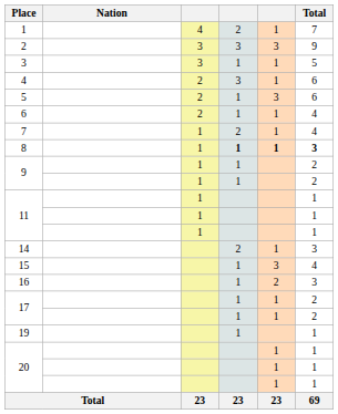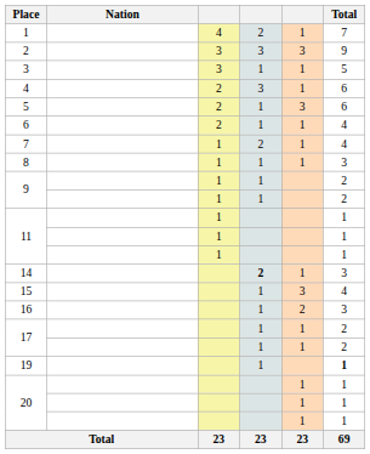 <table class="wikitable" style="border:1px solid #AAAAAA">
 <tr bgcolor="#EFEFEF">
 <th width=50>Place</th>
 <th width=200>Nation</th>
 <th width=50></th>
 <th width=50></th>
 <th width=50></th>
 <th width=50>Total</th>
 </tr>
 <tr align=center bgcolor="#FFFFFF">
 <td>1</td>
 <td align="left"></td>
 <td style="background:#F7F6A8;">4</td>
 <td style="background:#DCE5E5;">2</td>
 <td style="background:#FFDAB9;">1</td>
 <td>7</td>
 </tr>
 <tr align=center bgcolor="#FFFFFF">
 <td>2</td>
 <td align="left"></td>
 <td style="background:#F7F6A8;">3</td>
 <td style="background:#DCE5E5;">3</td>
 <td style="background:#FFDAB9;">3</td>
 <td>9</td>
 </tr>
 <tr align=center bgcolor="#FFFFFF">
 <td>3</td>
 <td align="left"></td>
 <td style="background:#F7F6A8;">3</td>
 <td style="background:#DCE5E5;">1</td>
 <td style="background:#FFDAB9;">1</td>
 <td>5</td>
 </tr>
 <tr align=center bgcolor="#FFFFFF">
 <td>4</td>
 <td align="left"></td>
 <td style="background:#F7F6A8;">2</td>
 <td style="background:#DCE5E5;">3</td>
 <td style="background:#FFDAB9;">1</td>
 <td>6</td>
 </tr>
 <tr align=center bgcolor="#FFFFFF">
 <td>5</td>
 <td align="left"></td>
 <td style="background:#F7F6A8;">2</td>
 <td style="background:#DCE5E5;">1</td>
 <td style="background:#FFDAB9;">3</td>
 <td>6</td>
 </tr>
 <tr align=center bgcolor="#FFFFFF">
 <td>6</td>
 <td align="left"></td>
 <td style="background:#F7F6A8;">2</td>
 <td style="background:#DCE5E5;">1</td>
 <td style="background:#FFDAB9;">1</td>
 <td>4</td>
 </tr>
 <tr align=center bgcolor="#FFFFFF">
 <td>7</td>
 <td align="left"></td>
 <td style="background:#F7F6A8;">1</td>
 <td style="background:#DCE5E5;">2</td>
 <td style="background:#FFDAB9;">1</td>
 <td>4</td>
 </tr>
 <tr align=center bgcolor="#FFFFFF">
 <td>8</td>
 <td align="left"></td>
 <td style="background:#F7F6A8;">1</td>
-<td style="background:#DCE5E5;"><strong>1</strong></td>
-<td style="background:#FFDAB9;"><strong>1</strong></td>
-<td><strong>3</strong></td>
+<td style="background:#DCE5E5;">1</td>
+<td style="background:#FFDAB9;">1</td>
+<td>3</td>
 </tr>
 <tr align=center bgcolor="#FFFFFF">
 <td rowspan="2">9</td>
 <td align="left"></td>
 <td style="background:#F7F6A8;">1</td>
 <td style="background:#DCE5E5;">1</td>
 <td style="background:#FFDAB9;"></td>
 <td>2</td>
 </tr>
 <tr align=center bgcolor="#FFFFFF">
 <td align="left"></td>
 <td style="background:#F7F6A8;">1</td>
 <td style="background:#DCE5E5;">1</td>
 <td style="background:#FFDAB9;"></td>
 <td>2</td>
 </tr>
 <tr align=center bgcolor="#FFFFFF">
 <td rowspan="3">11</td>
 <td align="left"></td>
 <td style="background:#F7F6A8;">1</td>
 <td style="background:#DCE5E5;"></td>
 <td style="background:#FFDAB9;"></td>
 <td>1</td>
 </tr>
 <tr align=center bgcolor="#FFFFFF">
 <td align="left"></td>
 <td style="background:#F7F6A8;">1</td>
 <td style="background:#DCE5E5;"></td>
 <td style="background:#FFDAB9;"></td>
 <td>1</td>
 </tr>
 <tr align=center bgcolor="#FFFFFF">
 <td align="left"></td>
 <td style="background:#F7F6A8;">1</td>
 <td style="background:#DCE5E5;"></td>
 <td style="background:#FFDAB9;"></td>
 <td>1</td>
 </tr>
 <tr align=center bgcolor="#FFFFFF">
 <td>14</td>
 <td align="left"></td>
 <td style="background:#F7F6A8;"></td>
-<td style="background:#DCE5E5;">2</td>
+<td style="background:#DCE5E5;"><strong>2</strong></td>
 <td style="background:#FFDAB9;">1</td>
 <td>3</td>
 </tr>
 <tr align=center bgcolor="#FFFFFF">
 <td>15</td>
 <td align="left"></td>
 <td style="background:#F7F6A8;"></td>
 <td style="background:#DCE5E5;">1</td>
 <td style="background:#FFDAB9;">3</td>
 <td>4</td>
 </tr>
 <tr align=center bgcolor="#FFFFFF">
 <td>16</td>
 <td align="left"></td>
 <td style="background:#F7F6A8;"></td>
 <td style="background:#DCE5E5;">1</td>
 <td style="background:#FFDAB9;">2</td>
 <td>3</td>
 </tr>
 <tr align=center bgcolor="#FFFFFF">
 <td rowspan="2">17</td>
 <td align="left"></td>
 <td style="background:#F7F6A8;"></td>
 <td style="background:#DCE5E5;">1</td>
 <td style="background:#FFDAB9;">1</td>
 <td>2</td>
 </tr>
 <tr align=center bgcolor="#FFFFFF">
 <td align="left"></td>
 <td style="background:#F7F6A8;"></td>
 <td style="background:#DCE5E5;">1</td>
 <td style="background:#FFDAB9;">1</td>
 <td>2</td>
 </tr>
 <tr align=center bgcolor="#FFFFFF">
 <td>19</td>
 <td align="left"></td>
 <td style="background:#F7F6A8;"></td>
 <td style="background:#DCE5E5;">1</td>
 <td style="background:#FFDAB9;"></td>
-<td>1</td>
+<td><strong>1</strong></td>
 </tr>
 <tr align=center bgcolor="#FFFFFF">
 <td rowspan="3">20</td>
 <td align="left"></td>
 <td style="background:#F7F6A8;"></td>
 <td style="background:#DCE5E5;"></td>
 <td style="background:#FFDAB9;">1</td>
 <td>1</td>
 </tr>
 <tr align=center bgcolor="#FFFFFF">
 <td align="left"></td>
 <td style="background:#F7F6A8;"></td>
 <td style="background:#DCE5E5;"></td>
 <td style="background:#FFDAB9;">1</td>
 <td>1</td>
 </tr>
 <tr align=center bgcolor="#FFFFFF">
 <td align="left"></td>
 <td style="background:#F7F6A8;"></td>
 <td style="background:#DCE5E5;"></td>
 <td style="background:#FFDAB9;">1</td>
 <td>1</td>
 </tr>
 <tr bgcolor="#EFEFEF">
 <th colspan=2>Total</th>
 <th>23</th>
 <th>23</th>
 <th>23</th>
 <th>69</th>
 </tr>
 </table>
